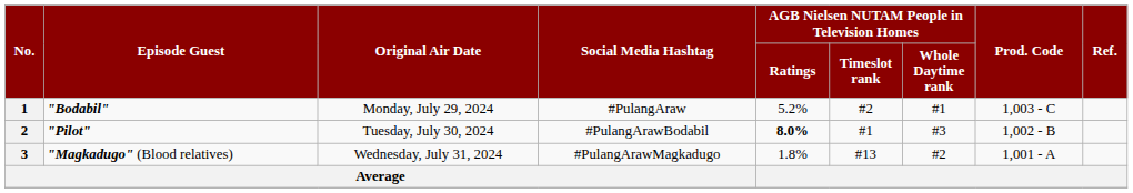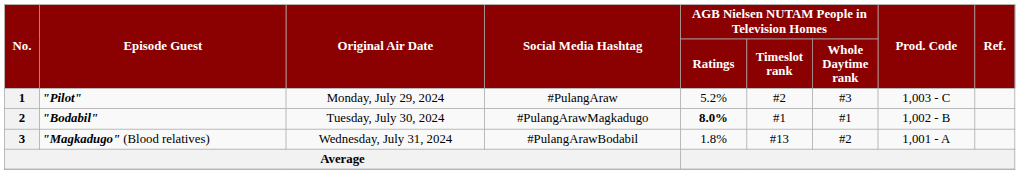 <table class="wikitable" style="text-align:center; font-size:100%; line-height:18px;" width="100%">
 <tr>
 <th style="background-color:#8B0000; color:#ffffff;" rowspan="2">No.</th>
 <th style="background-color:#8B0000; color:#ffffff;" rowspan="2">Episode Guest</th>
 <th style="background-color:#8B0000; color:white" rowspan="2">Original Air Date</th>
 <th style="background-color:#8B0000; color:white" rowspan="2">Social Media Hashtag</th>
 <th style="background-color:#8B0000; color:#ffffff;" colspan="3">AGB Nielsen NUTAM People in Television Homes</th>
 <th style="background-color:#8B0000; color:white" rowspan="2">Prod. Code</th>
 <th style="background-color:#8B0000; color:#ffffff;" rowspan="2">Ref.</th>
 </tr>
 <tr>
 <th style="background-color:#8B0000; width:75px; color:#ffffff;">Ratings</th>
 <th style="background-color:#8B0000; width:75px; color:#ffffff;">Timeslot <br> rank</th>
 <th style="background-color:#8B0000; width:75px; color:#ffffff;">Whole Daytime <br> rank</th>
 </tr>
 <tr>
 <th>1</th>
-<td style="text-align: left;"><strong><em>"Bodabil"</em></strong></td>
+<td style="text-align: left;"><strong><em>"Pilot"</em></strong></td>
 <td>Monday, July 29, 2024</td>
 <td>#PulangAraw</td>
 <td>5.2%</td>
 <td>#2</td>
-<td>#1</td>
+<td>#3</td>
 <td>1,003 - C</td>
 <td></td>
 </tr>
 <tr>
 <th>2</th>
-<td style="text-align: left;"><strong><em>"Pilot"</em></strong></td>
+<td style="text-align: left;"><strong><em>"Bodabil"</em></strong></td>
 <td>Tuesday, July 30, 2024</td>
-<td>#PulangArawBodabil</td>
+<td>#PulangArawMagkadugo</td>
 <td><strong>8.0%</strong></td>
 <td>#1</td>
-<td>#3</td>
+<td>#1</td>
 <td>1,002 - B</td>
 <td></td>
 </tr>
 <tr>
 <th>3</th>
 <td style="text-align: left;"><strong><em>"Magkadugo"</em></strong> (Blood relatives)</td>
 <td>Wednesday, July 31, 2024</td>
-<td>#PulangArawMagkadugo</td>
+<td>#PulangArawBodabil</td>
 <td>1.8%</td>
 <td>#13</td>
 <td>#2</td>
 <td>1,001 - A</td>
 <td></td>
 </tr>
 <tr>
 <th colspan="4">Average</th>
 <th colspan="5"></th>
 </tr>
 <tr>
 </tr>
 </table>
